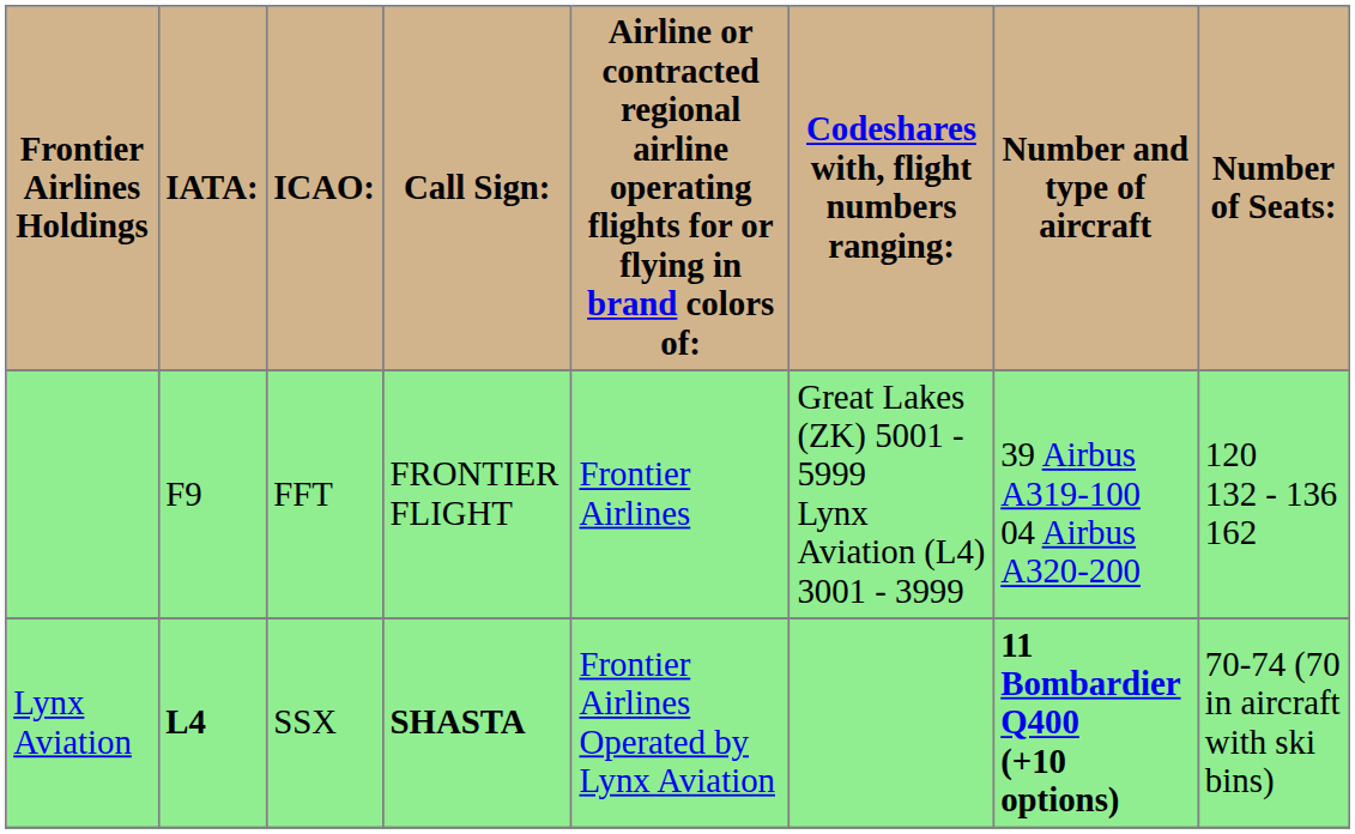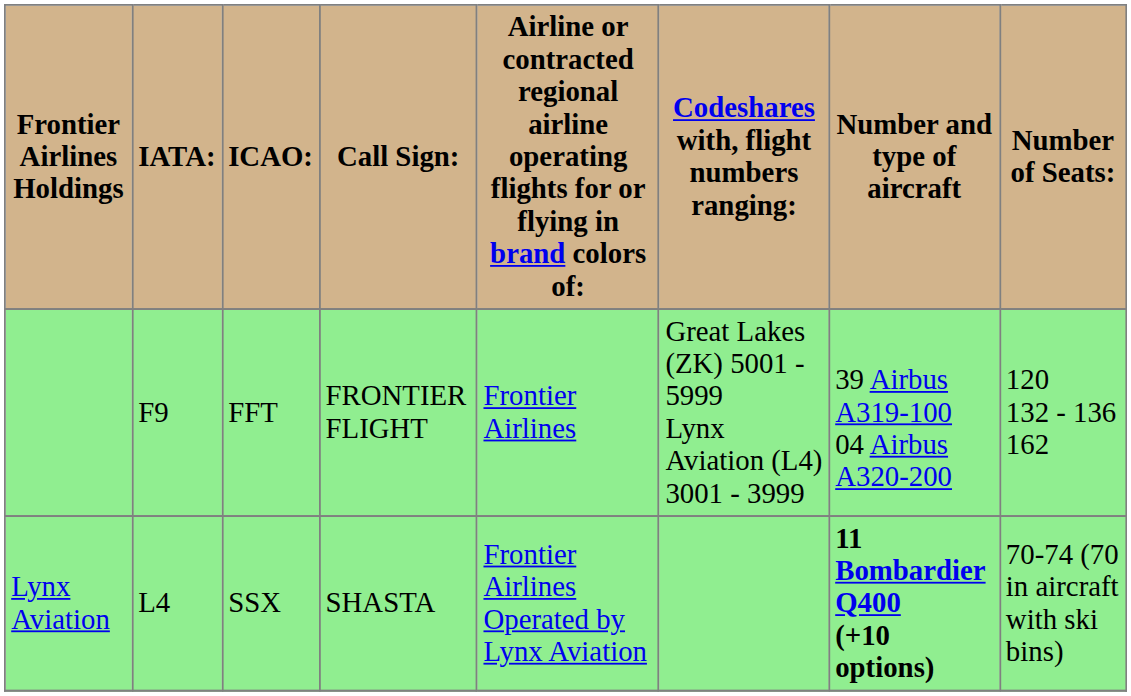 <table class="toccolours sortable" border="1" cellpadding="3" style="border-collapse:collapse">
 <tr bgcolor=tan>
 <th>Frontier Airlines<br> Holdings</th>
 <th>IATA:<br></th>
 <th>ICAO:<br></th>
 <th>Call Sign:<br></th>
 <th>Airline or contracted regional airline operating flights for or flying in <a href='#'>brand</a> colors of:</th>
 <th><a href='#'>Codeshares</a> with, flight numbers ranging:</th>
 <th>Number and type of aircraft</th>
 <th>Number of Seats:</th>
 </tr>
 <tr>
 </tr>
 <tr bgcolor=lightgreen>
 <td></td>
 <td>F9</td>
 <td>FFT</td>
 <td>FRONTIER FLIGHT</td>
 <td><a href='#'>Frontier Airlines</a></td>
 <td>Great Lakes (ZK) 5001 - 5999 <br> Lynx Aviation (L4) 3001 - 3999</td>
 <td><br>39 <a href='#'>Airbus A319-100</a><br> 04 <a href='#'>Airbus A320-200</a></td>
 <td>120 <br>132 - 136 <br>162 <br></td>
 </tr>
 <tr>
 </tr>
 <tr bgcolor=lightgreen>
 <td><a href='#'>Lynx Aviation</a></td>
-<td><strong>L4</strong></td>
+<td>L4</td>
 <td>SSX</td>
-<td><strong>SHASTA</strong></td>
+<td>SHASTA</td>
 <td><a href='#'>Frontier Airlines Operated by Lynx Aviation</a></td>
 <td></td>
 <td><strong>11 <a href='#'>Bombardier Q400</a><br> (+10 options)</strong></td>
 <td>70-74 (70 in aircraft with ski bins)</td>
 </tr>
 <tr>
 </tr>
 <tr bgcolor=lightgreen>
 </tr>
 <tr>
 </tr>
 </table>
